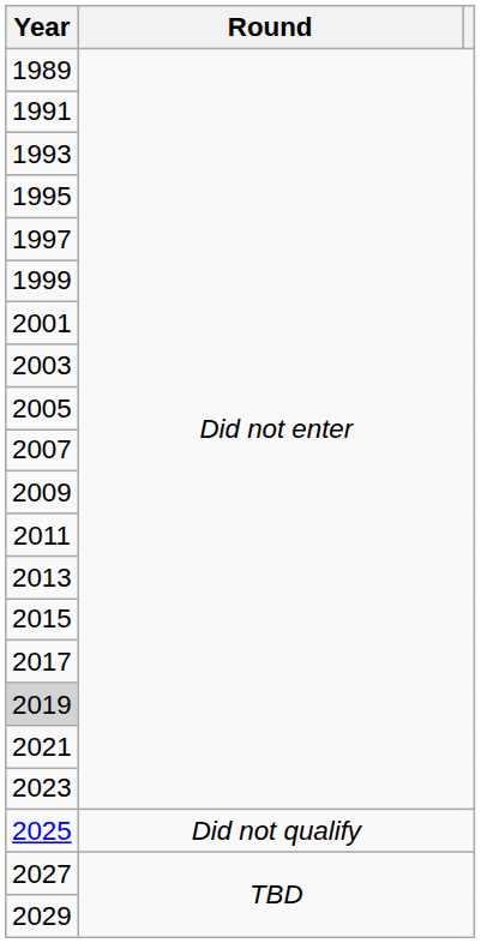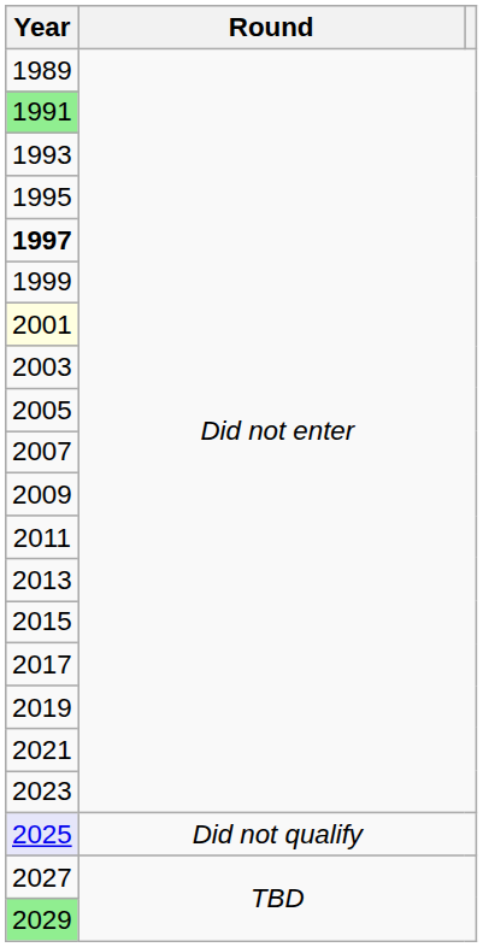 <table class="wikitable" style="text-align: center; font-size:90%">
 <tr>
 <th>Year</th>
 <th style="width:200px">Round</th>
 <th></th>
 </tr>
 <tr>
 <td>1989</td>
 <td colspan="2" rowspan="18"><em>Did not enter</em></td>
 </tr>
 <tr>
-<td>1991</td>
+<td style="background: lightgreen;">1991</td>
 </tr>
 <tr>
 <td>1993</td>
 </tr>
 <tr>
 <td>1995</td>
 </tr>
 <tr>
-<td>1997</td>
+<td><strong>1997</strong></td>
 </tr>
 <tr>
 <td>1999</td>
 </tr>
 <tr>
-<td>2001</td>
+<td style="background: lightyellow;">2001</td>
 </tr>
 <tr>
 <td>2003</td>
 </tr>
 <tr>
 <td>2005</td>
 </tr>
 <tr>
 <td>2007</td>
 </tr>
 <tr>
 <td>2009</td>
 </tr>
 <tr>
 <td>2011</td>
 </tr>
 <tr>
 <td>2013</td>
 </tr>
 <tr>
 <td>2015</td>
 </tr>
 <tr>
 <td>2017</td>
 </tr>
 <tr>
-<td style="background: lightgrey;">2019</td>
+<td>2019</td>
 </tr>
 <tr>
 <td>2021</td>
 </tr>
 <tr>
 <td>2023</td>
 </tr>
 <tr>
-<td><a href='#'>2025</a></td>
+<td style="background: lavender;"><a href='#'>2025</a></td>
 <td colspan="2" rowspan="1"><em>Did not qualify</em></td>
 </tr>
 <tr>
 <td>2027</td>
 <td colspan="2" rowspan="2"><em>TBD</em></td>
 </tr>
 <tr>
-<td>2029</td>
+<td style="background: lightgreen;">2029</td>
 </tr>
 </table>
